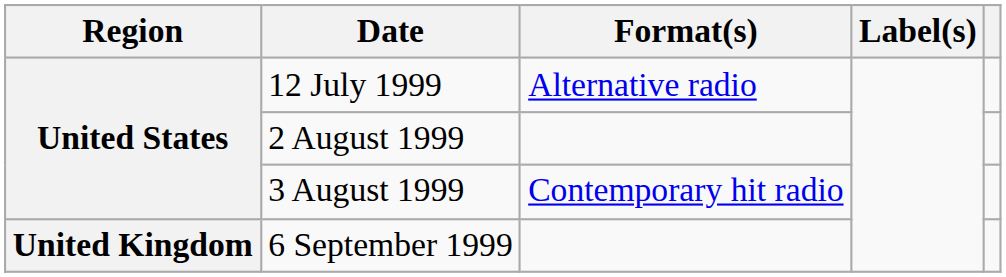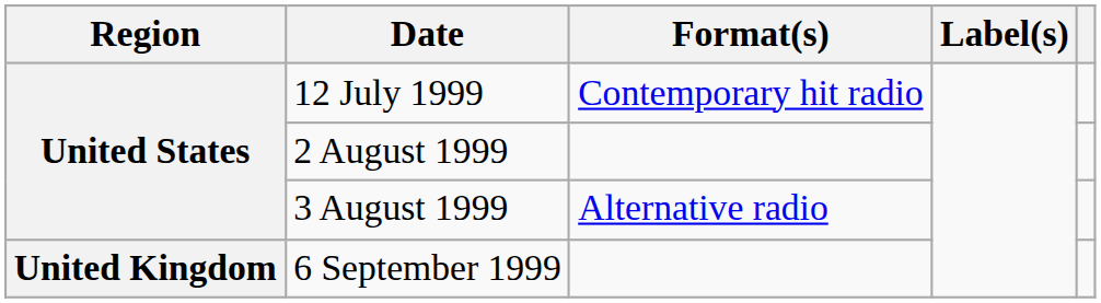 <table class="wikitable plainrowheaders">
 <tr>
 <th scope="col">Region</th>
 <th scope="col">Date</th>
 <th scope="col">Format(s)</th>
 <th scope="col">Label(s)</th>
 <th scope="col"></th>
 </tr>
 <tr>
 <th scope="row" rowspan="3">United States</th>
 <td>12 July 1999</td>
-<td><a href='#'>Alternative radio</a></td>
+<td><a href='#'>Contemporary hit radio</a></td>
 <td rowspan="4"></td>
 <td align="center"></td>
 </tr>
 <tr>
 <td>2 August 1999</td>
 <td></td>
 <td align="center"></td>
 </tr>
 <tr>
 <td>3 August 1999</td>
-<td><a href='#'>Contemporary hit radio</a></td>
+<td><a href='#'>Alternative radio</a></td>
 <td align="center"></td>
 </tr>
 <tr>
 <th scope="row">United Kingdom</th>
 <td>6 September 1999</td>
 <td></td>
 <td align="center"></td>
 </tr>
 </table>
